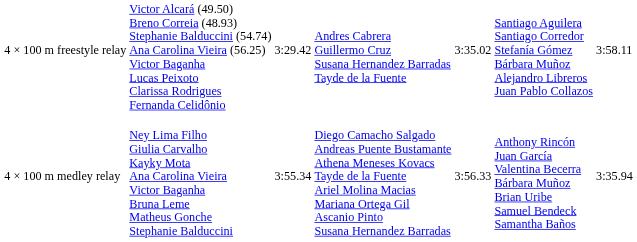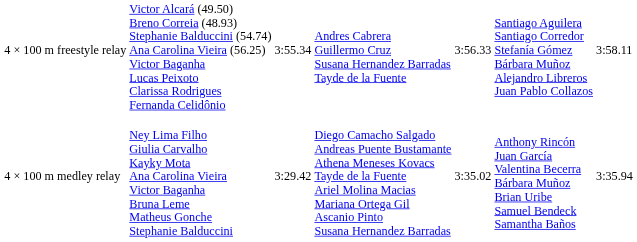 <table>
 <tr>
 </tr>
 <tr>
 <td>4 × 100 m freestyle relay<br></td>
 <td><br><a href='#'>Victor Alcará</a> (49.50)<br><a href='#'>Breno Correia</a> (48.93)<br><a href='#'>Stephanie Balduccini</a> (54.74)<br><a href='#'>Ana Carolina Vieira</a> (56.25) <br><a href='#'>Victor Baganha</a><br><a href='#'>Lucas Peixoto</a><br><a href='#'>Clarissa Rodrigues</a><br><a href='#'>Fernanda Celidônio</a></td>
-<td>3:29.42</td>
+<td>3:55.34</td>
 <td><br><a href='#'>Andres Cabrera</a><br><a href='#'>Guillermo Cruz</a><br><a href='#'>Susana Hernandez Barradas</a><br><a href='#'>Tayde de la Fuente</a></td>
-<td>3:35.02</td>
+<td>3:56.33</td>
 <td><br><a href='#'>Santiago Aguilera</a><br><a href='#'>Santiago Corredor</a><br><a href='#'>Stefanía Gómez</a><br><a href='#'>Bárbara Muñoz</a><br><a href='#'>Alejandro Libreros</a><br><a href='#'>Juan Pablo Collazos</a></td>
 <td>3:58.11</td>
 </tr>
 <tr>
 <td>4 × 100 m medley relay<br></td>
 <td><br><a href='#'>Ney Lima Filho</a><br><a href='#'>Giulia Carvalho</a><br><a href='#'>Kayky Mota</a><br><a href='#'>Ana Carolina Vieira</a><br><a href='#'>Victor Baganha</a><br><a href='#'>Bruna Leme</a><br><a href='#'>Matheus Gonche</a><br><a href='#'>Stephanie Balduccini</a></td>
-<td>3:55.34</td>
+<td>3:29.42</td>
 <td><br><a href='#'>Diego Camacho Salgado</a><br><a href='#'>Andreas Puente Bustamante</a><br><a href='#'>Athena Meneses Kovacs</a><br><a href='#'>Tayde de la Fuente</a><br><a href='#'>Ariel Molina Macias</a><br><a href='#'>Mariana Ortega Gil</a><br><a href='#'>Ascanio Pinto</a><br><a href='#'>Susana Hernandez Barradas</a></td>
-<td>3:56.33</td>
+<td>3:35.02</td>
 <td><br><a href='#'>Anthony Rincón</a><br><a href='#'>Juan García</a><br><a href='#'>Valentina Becerra</a><br><a href='#'>Bárbara Muñoz</a><br><a href='#'>Brian Uribe</a><br><a href='#'>Samuel Bendeck</a><br><a href='#'>Samantha Baños</a></td>
 <td>3:35.94</td>
 </tr>
 <tr bgcolor= e8e8e8>
 </tr>
 </table>
